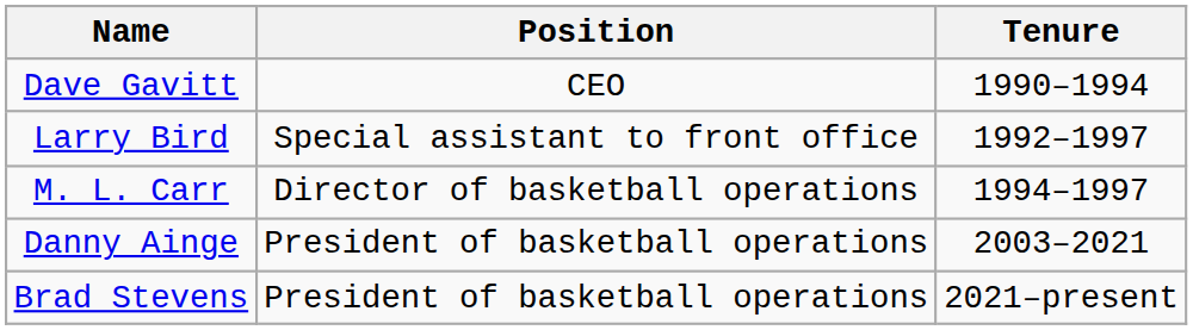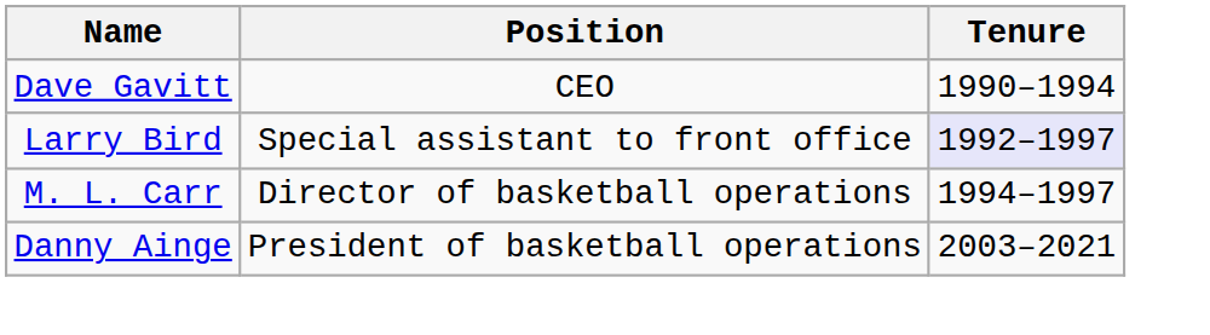 <table class="wikitable" style="text-align:center">
 <tr>
 <th>Name</th>
 <th>Position</th>
 <th>Tenure</th>
 </tr>
 <tr>
 <td><a href='#'>Dave Gavitt</a></td>
 <td>CEO</td>
 <td>1990–1994</td>
 </tr>
 <tr>
 <td><a href='#'>Larry Bird</a></td>
 <td>Special assistant to front office</td>
-<td>1992–1997</td>
+<td style="background: lavender;">1992–1997</td>
 </tr>
 <tr>
 <td><a href='#'>M. L. Carr</a></td>
 <td>Director of basketball operations</td>
 <td>1994–1997</td>
 </tr>
 <tr>
 <td><a href='#'>Danny Ainge</a></td>
 <td>President of basketball operations</td>
 <td>2003–2021</td>
 </tr>
-<tr>
-<td><a href='#'>Brad Stevens</a></td>
-<td>President of basketball operations</td>
-<td>2021–present</td>
-</tr>
 </table>
